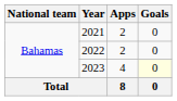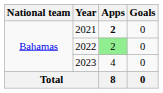 <table class="wikitable" style="text-align:center">
 <tr>
 <th>National team</th>
 <th>Year</th>
 <th>Apps</th>
 <th>Goals</th>
 </tr>
 <tr>
 <td rowspan="3"><a href='#'>Bahamas</a></td>
 <td>2021</td>
-<td>2</td>
+<td><strong>2</strong></td>
 <td>0</td>
 </tr>
 <tr>
 <td>2022</td>
-<td>2</td>
+<td style="background: lightgreen;">2</td>
 <td>0</td>
 </tr>
 <tr>
 <td>2023</td>
 <td>4</td>
-<td style="background: lightyellow;">0</td>
+<td>0</td>
 </tr>
 <tr>
 <th colspan=2>Total</th>
 <th>8</th>
 <th>0</th>
 </tr>
 </table>
